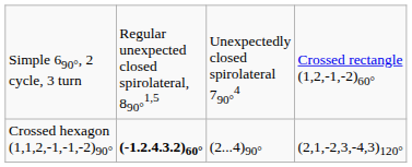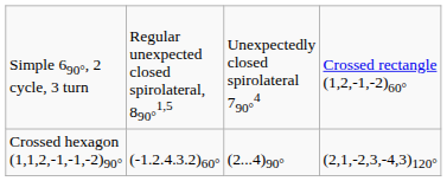 <table class=wikitable align=right width=360>
 <tr>
 <td><br>Simple 6<sub>90°</sub>, 2 cycle, 3 turn</td>
 <td><br>Regular unexpected closed spirolateral, 8<sub>90°</sub><sup>1,5</sup></td>
 <td><br>Unexpectedly closed spirolateral 7<sub>90°</sub><sup>4</sup></td>
 <td><br><a href='#'>Crossed rectangle</a><br>(1,2,-1,-2)<sub>60°</sub></td>
 </tr>
 <tr>
 <td>Crossed hexagon<br>(1,1,2,-1,-1,-2)<sub>90°</sub></td>
-<td><strong><br>(-1.2.4.3.2)<sub>60°</sub></strong></td>
+<td><br>(-1.2.4.3.2)<sub>60°</sub></td>
 <td><br>(2...4)<sub>90°</sub></td>
 <td><br>(2,1,-2,3,-4,3)<sub>120°</sub></td>
 </tr>
 </table>
